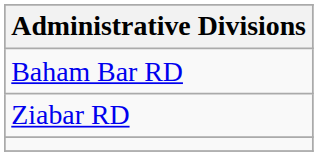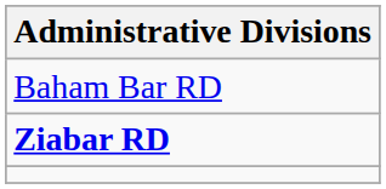 <table class="wikitable">
 <tr>
 <th>Administrative Divisions</th>
 </tr>
 <tr>
 <td><a href='#'>Baham Bar RD</a></td>
 </tr>
 <tr>
-<td><a href='#'>Ziabar RD</a></td>
+<td><strong><a href='#'>Ziabar RD</a></strong></td>
 </tr>
 <tr>
 <td colspan=1></td>
 </tr>
 </table>
